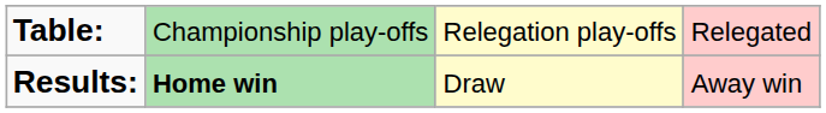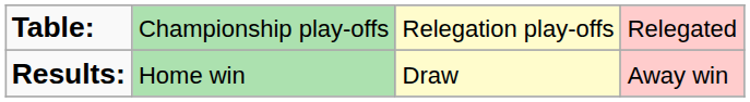 <table class="wikitable" style="margin:auto;">
 <tr>
 <td><strong>Table:</strong></td>
 <td style="background:#ace1af;"><small>Championship play-offs</small></td>
 <td style="background:#fffccc;"><small>Relegation play-offs</small></td>
 <td style="background:#fcc;"><small>Relegated</small></td>
 </tr>
 <tr>
 <td><strong>Results:</strong></td>
-<td style="background:#ace1af;"><strong><small>Home win</small></strong></td>
+<td style="background:#ace1af;"><small>Home win</small></td>
 <td style="background:#fffccc;"><small>Draw</small></td>
 <td style="background:#fcc;"><small>Away win</small></td>
 </tr>
 </table>
